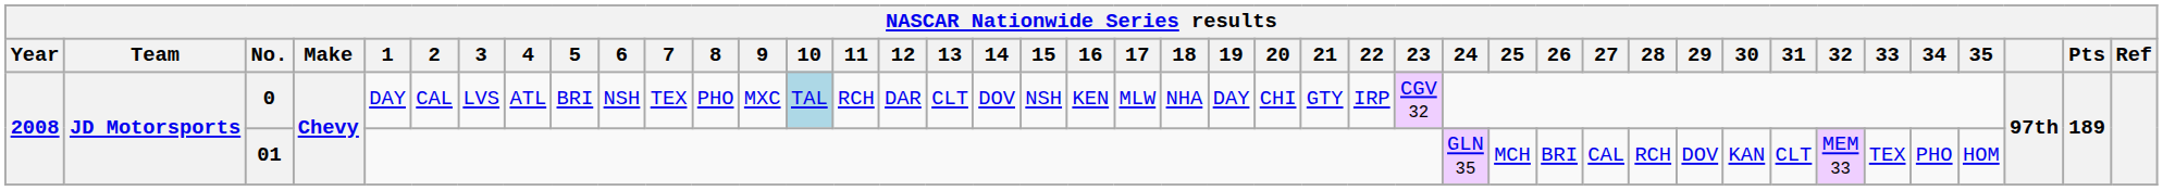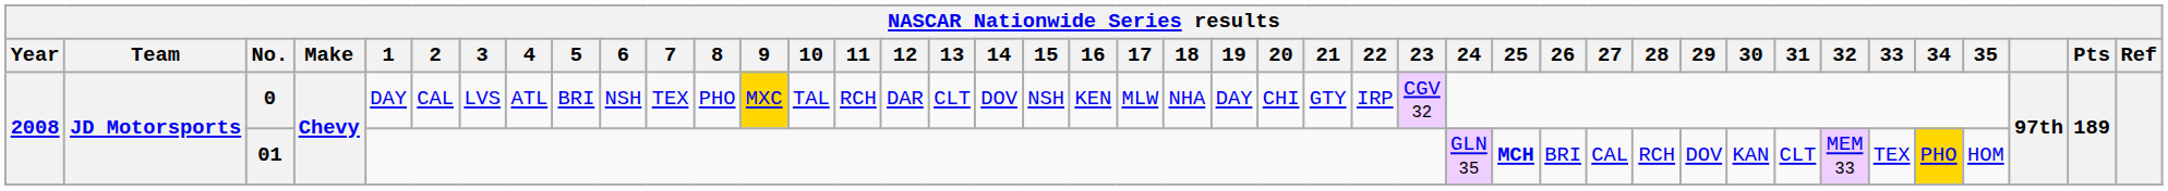 <table class="wikitable" style="text-align:center; font-size:75%">
 <tr>
 <th colspan=42><a href='#'>NASCAR Nationwide Series</a> results</th>
 </tr>
 <tr>
 <th>Year</th>
 <th>Team</th>
 <th>No.</th>
 <th>Make</th>
 <th>1</th>
 <th>2</th>
 <th>3</th>
 <th>4</th>
 <th>5</th>
 <th>6</th>
 <th>7</th>
 <th>8</th>
 <th>9</th>
 <th>10</th>
 <th>11</th>
 <th>12</th>
 <th>13</th>
 <th>14</th>
 <th>15</th>
 <th>16</th>
 <th>17</th>
 <th>18</th>
 <th>19</th>
 <th>20</th>
 <th>21</th>
 <th>22</th>
 <th>23</th>
 <th>24</th>
 <th>25</th>
 <th>26</th>
 <th>27</th>
 <th>28</th>
 <th>29</th>
 <th>30</th>
 <th>31</th>
 <th>32</th>
 <th>33</th>
 <th>34</th>
 <th>35</th>
 <th></th>
 <th>Pts</th>
 <th>Ref</th>
 </tr>
 <tr>
 <th rowspan=2><a href='#'>2008</a></th>
 <th rowspan=2><a href='#'>JD Motorsports</a></th>
 <th>0</th>
 <th rowspan=2><a href='#'>Chevy</a></th>
 <td><a href='#'>DAY</a></td>
 <td><a href='#'>CAL</a></td>
 <td><a href='#'>LVS</a></td>
 <td><a href='#'>ATL</a></td>
 <td><a href='#'>BRI</a></td>
 <td><a href='#'>NSH</a></td>
 <td><a href='#'>TEX</a></td>
 <td><a href='#'>PHO</a></td>
-<td><a href='#'>MXC</a></td>
-<td style="background: lightblue;"><a href='#'>TAL</a></td>
+<td style="background: gold;"><a href='#'>MXC</a></td>
+<td><a href='#'>TAL</a></td>
 <td><a href='#'>RCH</a></td>
 <td><a href='#'>DAR</a></td>
 <td><a href='#'>CLT</a></td>
 <td><a href='#'>DOV</a></td>
 <td><a href='#'>NSH</a></td>
 <td><a href='#'>KEN</a></td>
 <td><a href='#'>MLW</a></td>
 <td><a href='#'>NHA</a></td>
 <td><a href='#'>DAY</a></td>
 <td><a href='#'>CHI</a></td>
 <td><a href='#'>GTY</a></td>
 <td><a href='#'>IRP</a></td>
 <td style="background:#EFCFFF;"><a href='#'>CGV</a><br><small>32</small></td>
 <td colspan=12></td>
 <th rowspan=2>97th</th>
 <th rowspan=2>189</th>
 <th rowspan=2></th>
 </tr>
 <tr>
 <th>01</th>
 <td colspan=23></td>
 <td style="background:#EFCFFF;"><a href='#'>GLN</a><br><small>35</small></td>
-<td><a href='#'>MCH</a></td>
+<td><strong><a href='#'>MCH</a></strong></td>
 <td><a href='#'>BRI</a></td>
 <td><a href='#'>CAL</a></td>
 <td><a href='#'>RCH</a></td>
 <td><a href='#'>DOV</a></td>
 <td><a href='#'>KAN</a></td>
 <td><a href='#'>CLT</a></td>
 <td style="background:#EFCFFF;"><a href='#'>MEM</a><br><small>33</small></td>
 <td><a href='#'>TEX</a></td>
-<td><a href='#'>PHO</a></td>
+<td style="background: gold;"><a href='#'>PHO</a></td>
 <td><a href='#'>HOM</a></td>
 </tr>
 </table>
